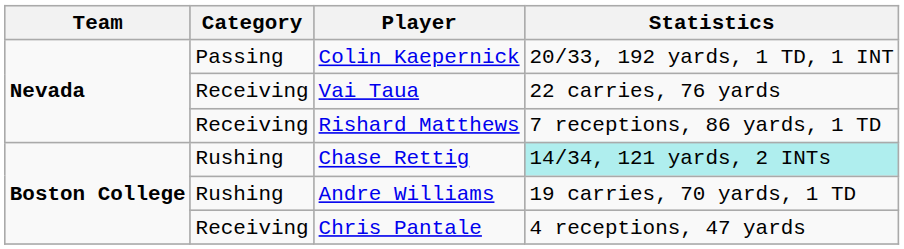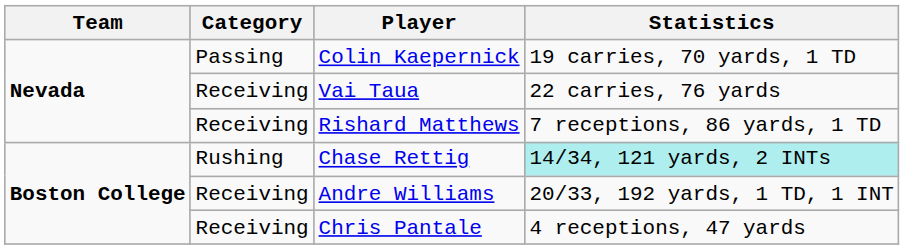 <table class="wikitable" style="float: left;">
 <tr>
 <th>Team</th>
 <th>Category</th>
 <th>Player</th>
 <th>Statistics</th>
 </tr>
 <tr>
 <td rowspan=3><strong>Nevada</strong></td>
 <td>Passing</td>
 <td><a href='#'>Colin Kaepernick</a></td>
-<td>20/33, 192 yards, 1 TD, 1 INT</td>
+<td>19 carries, 70 yards, 1 TD</td>
 </tr>
 <tr>
 <td>Receiving</td>
 <td><a href='#'>Vai Taua</a></td>
 <td>22 carries, 76 yards</td>
 </tr>
 <tr>
 <td>Receiving</td>
 <td><a href='#'>Rishard Matthews</a></td>
 <td>7 receptions, 86 yards, 1 TD</td>
 </tr>
 <tr>
 <td rowspan=3><strong>Boston College</strong></td>
 <td>Rushing</td>
 <td><a href='#'>Chase Rettig</a></td>
 <td style="background: paleturquoise;">14/34, 121 yards, 2 INTs</td>
 </tr>
 <tr>
-<td>Rushing</td>
+<td>Receiving</td>
 <td><a href='#'>Andre Williams</a></td>
-<td>19 carries, 70 yards, 1 TD</td>
+<td>20/33, 192 yards, 1 TD, 1 INT</td>
 </tr>
 <tr>
 <td>Receiving</td>
 <td><a href='#'>Chris Pantale</a></td>
 <td>4 receptions, 47 yards</td>
 </tr>
 </table>
